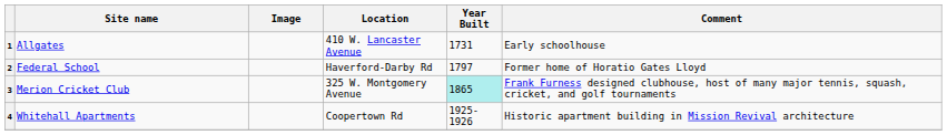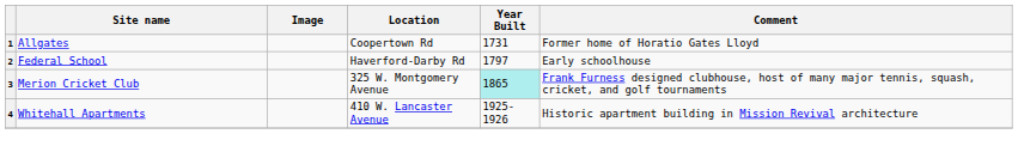 <table class="wikitable sortable" style="width:98%">
 <tr>
 <th></th>
 <th width = 25% ><strong>Site name</strong></th>
 <th width = 8% class="unsortable" ><strong>Image</strong></th>
 <th><strong>Location</strong></th>
 <th class="sortable" ><strong>Year Built</strong></th>
 <th class="unsortable" ><strong>Comment</strong></th>
 </tr>
 <tr ->
 <th><small>1</small></th>
 <td><a href='#'>Allgates</a></td>
 <td></td>
-<td>410 W. <a href='#'>Lancaster Avenue</a></td>
+<td>Coopertown Rd</td>
 <td>1731</td>
-<td>Early schoolhouse</td>
+<td>Former home of Horatio Gates Lloyd</td>
 </tr>
 <tr ->
 <th><small>2</small></th>
 <td><a href='#'>Federal School</a></td>
 <td></td>
 <td>Haverford-Darby Rd</td>
 <td>1797</td>
-<td>Former home of Horatio Gates Lloyd</td>
+<td>Early schoolhouse</td>
 </tr>
 <tr ->
 <th><small>3</small></th>
 <td><a href='#'>Merion Cricket Club</a></td>
 <td></td>
 <td>325 W. Montgomery Avenue</td>
 <td style="background: paleturquoise;">1865</td>
 <td><a href='#'>Frank Furness</a> designed clubhouse, host of many major tennis, squash, cricket, and golf tournaments</td>
 </tr>
 <tr ->
 <th><small>4</small></th>
 <td><a href='#'>Whitehall Apartments</a></td>
 <td></td>
-<td>Coopertown Rd</td>
+<td>410 W. <a href='#'>Lancaster Avenue</a></td>
 <td>1925-1926</td>
 <td>Historic apartment building in <a href='#'>Mission Revival</a> architecture</td>
 </tr>
 <tr>
 </tr>
 </table>
